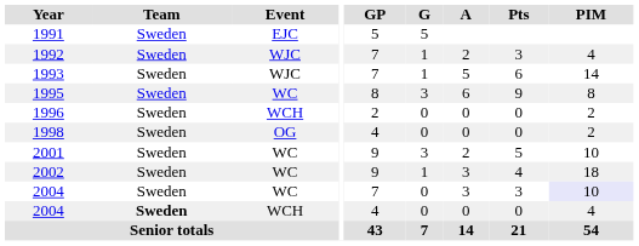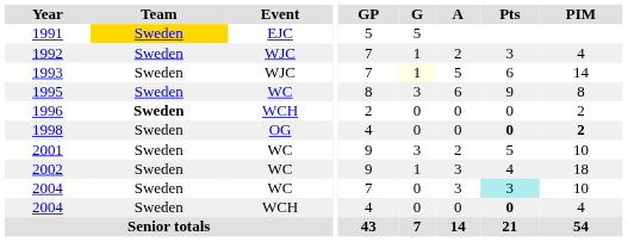 <table border="0" cellpadding="1" cellspacing="0" ID="Table3" style="text-align:center; width:40em">
 <tr ALIGN="center" bgcolor="#e0e0e0">
 <th>Year</th>
 <th>Team</th>
 <th>Event</th>
 <th rowspan="99" bgcolor="#ffffff"></th>
 <th>GP</th>
 <th>G</th>
 <th>A</th>
 <th>Pts</th>
 <th>PIM</th>
 </tr>
 <tr>
 <td><a href='#'>1991</a></td>
-<td><a href='#'>Sweden</a></td>
+<td style="background: gold;"><a href='#'>Sweden</a></td>
 <td><a href='#'>EJC</a></td>
 <td>5</td>
 <td>5</td>
 <td></td>
 <td></td>
 <td></td>
 </tr>
 <tr bgcolor="#f0f0f0">
 <td><a href='#'>1992</a></td>
 <td><a href='#'>Sweden</a></td>
 <td><a href='#'>WJC</a></td>
 <td>7</td>
 <td>1</td>
 <td>2</td>
 <td>3</td>
 <td>4</td>
 </tr>
 <tr>
 <td><a href='#'>1993</a></td>
 <td>Sweden</td>
 <td>WJC</td>
 <td>7</td>
-<td>1</td>
+<td style="background: lightyellow;">1</td>
 <td>5</td>
 <td>6</td>
 <td>14</td>
 </tr>
 <tr bgcolor="#f0f0f0">
 <td><a href='#'>1995</a></td>
 <td><a href='#'>Sweden</a></td>
 <td><a href='#'>WC</a></td>
 <td>8</td>
 <td>3</td>
 <td>6</td>
 <td>9</td>
 <td>8</td>
 </tr>
 <tr>
 <td><a href='#'>1996</a></td>
-<td>Sweden</td>
+<td><strong>Sweden</strong></td>
 <td><a href='#'>WCH</a></td>
 <td>2</td>
 <td>0</td>
 <td>0</td>
 <td>0</td>
 <td>2</td>
 </tr>
 <tr bgcolor="#f0f0f0">
 <td><a href='#'>1998</a></td>
 <td>Sweden</td>
 <td><a href='#'>OG</a></td>
 <td>4</td>
 <td>0</td>
 <td>0</td>
-<td>0</td>
-<td>2</td>
+<td><strong>0</strong></td>
+<td><strong>2</strong></td>
 </tr>
 <tr>
 <td><a href='#'>2001</a></td>
 <td>Sweden</td>
 <td>WC</td>
 <td>9</td>
 <td>3</td>
 <td>2</td>
 <td>5</td>
 <td>10</td>
 </tr>
 <tr bgcolor="#f0f0f0">
 <td><a href='#'>2002</a></td>
 <td>Sweden</td>
 <td>WC</td>
 <td>9</td>
 <td>1</td>
 <td>3</td>
 <td>4</td>
 <td>18</td>
 </tr>
 <tr>
 <td><a href='#'>2004</a></td>
 <td>Sweden</td>
 <td>WC</td>
 <td>7</td>
 <td>0</td>
 <td>3</td>
-<td>3</td>
-<td style="background: lavender;">10</td>
+<td style="background: paleturquoise;">3</td>
+<td>10</td>
 </tr>
 <tr bgcolor="#f0f0f0">
 <td><a href='#'>2004</a></td>
-<td><strong>Sweden</strong></td>
+<td>Sweden</td>
 <td>WCH</td>
 <td>4</td>
 <td>0</td>
 <td>0</td>
-<td>0</td>
+<td><strong>0</strong></td>
 <td>4</td>
 </tr>
 <tr bgcolor="#e0e0e0">
 <th colspan=3>Senior totals</th>
 <th>43</th>
 <th>7</th>
 <th>14</th>
 <th>21</th>
 <th>54</th>
 </tr>
 </table>
